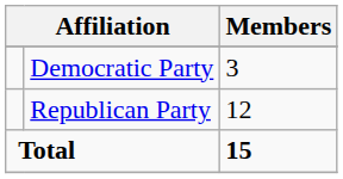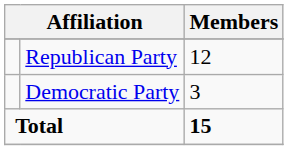 <table class="wikitable">
 <tr>
 <th colspan="2">Affiliation</th>
 <th>Members</th>
 </tr>
 <tr>
 </tr>
 <tr>
 <td style="background-color:"> </td>
-<td><a href='#'>Democratic Party</a></td>
-<td>3</td>
+<td><a href='#'>Republican Party</a></td>
+<td>12</td>
 </tr>
 <tr>
 <td style="background-color:"> </td>
-<td><a href='#'>Republican Party</a></td>
-<td>12</td>
+<td><a href='#'>Democratic Party</a></td>
+<td>3</td>
 </tr>
 <tr>
 <td colspan="2" rowspan="1"> <strong>Total</strong><br></td>
 <td><strong>15</strong></td>
 </tr>
 <tr>
 </tr>
 </table>
